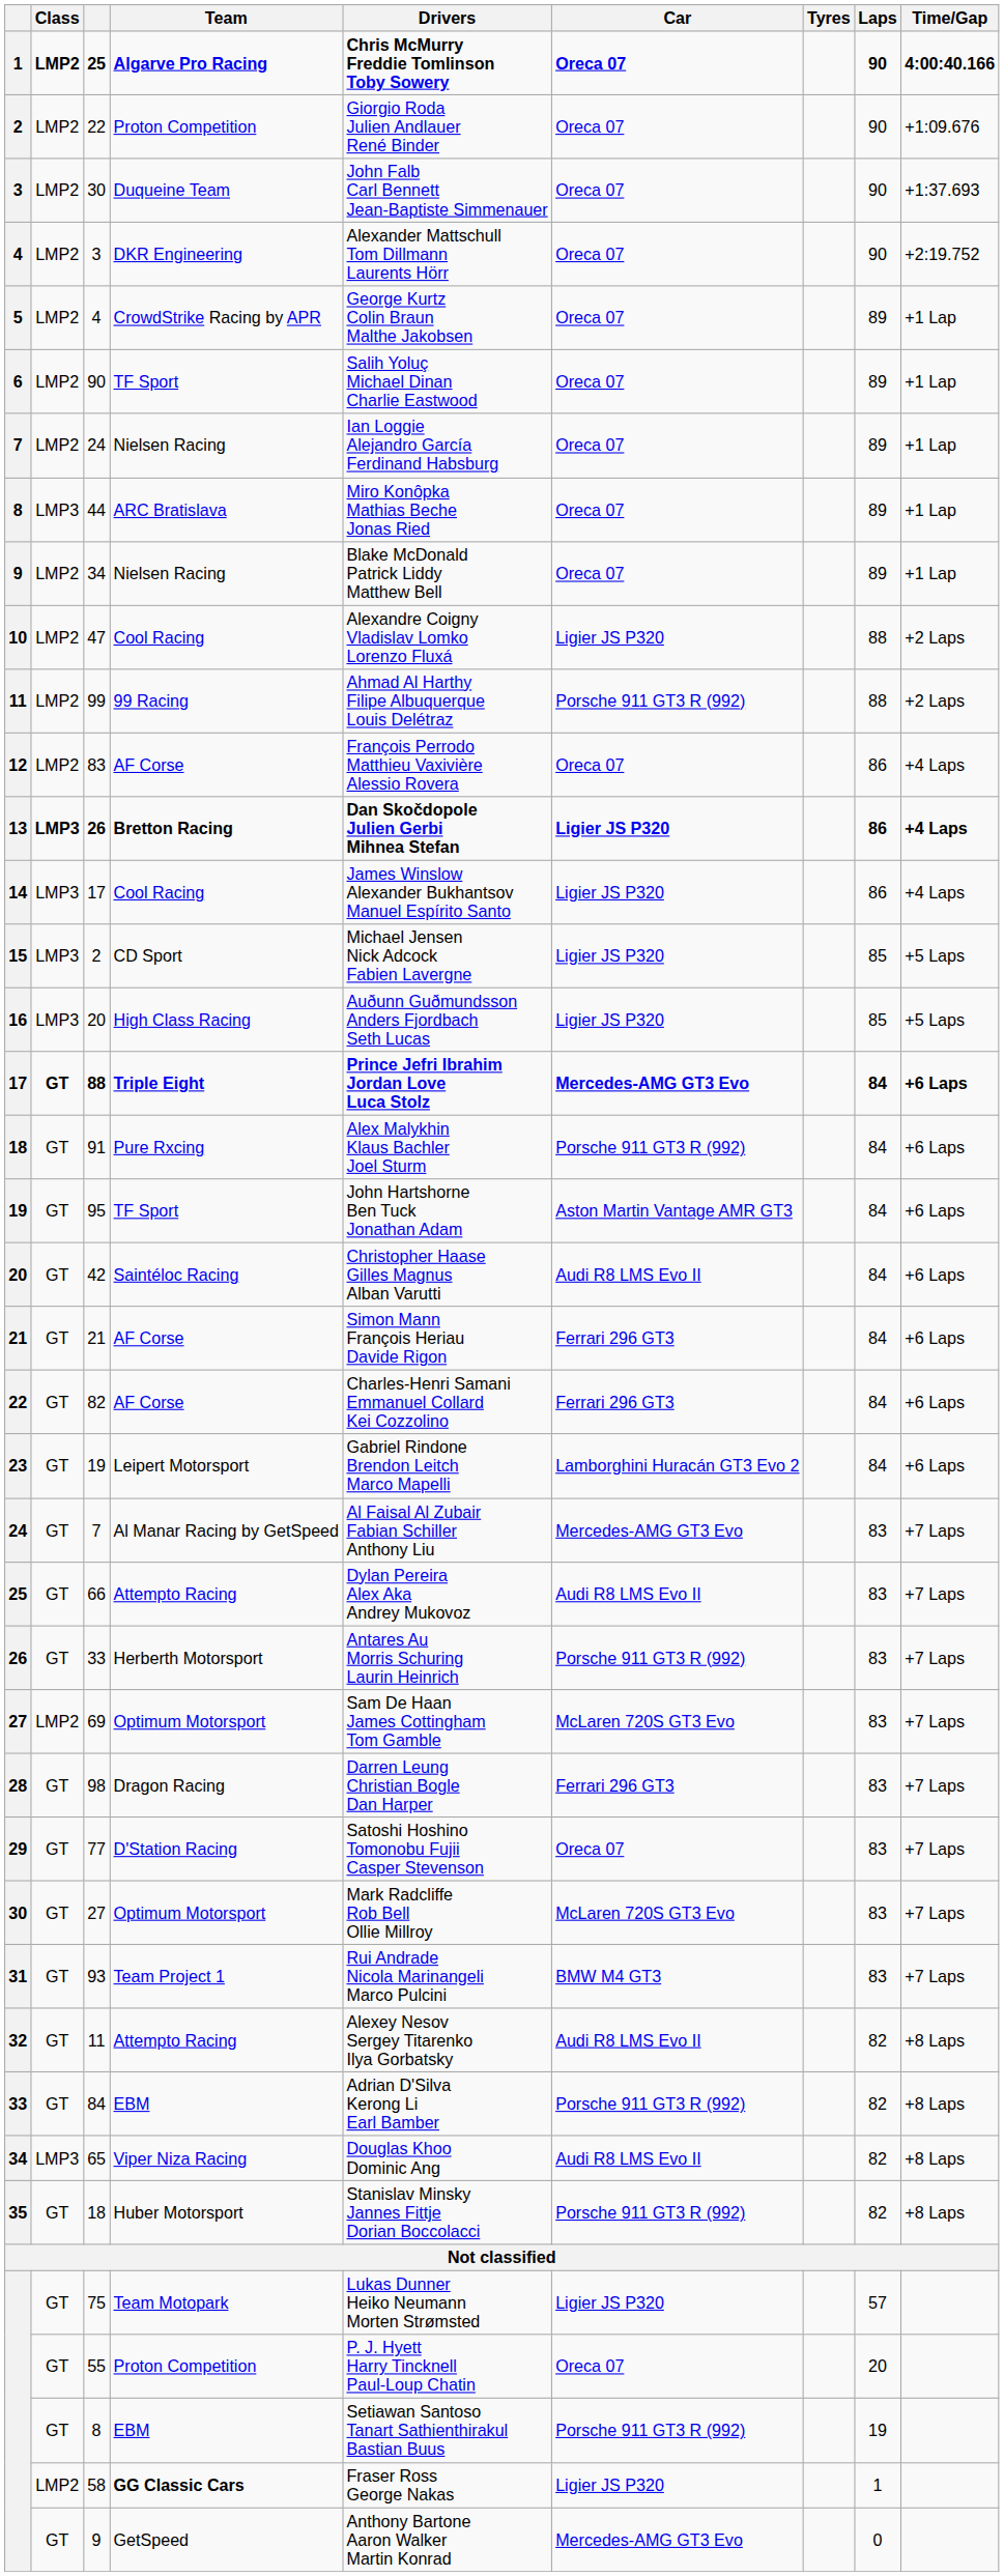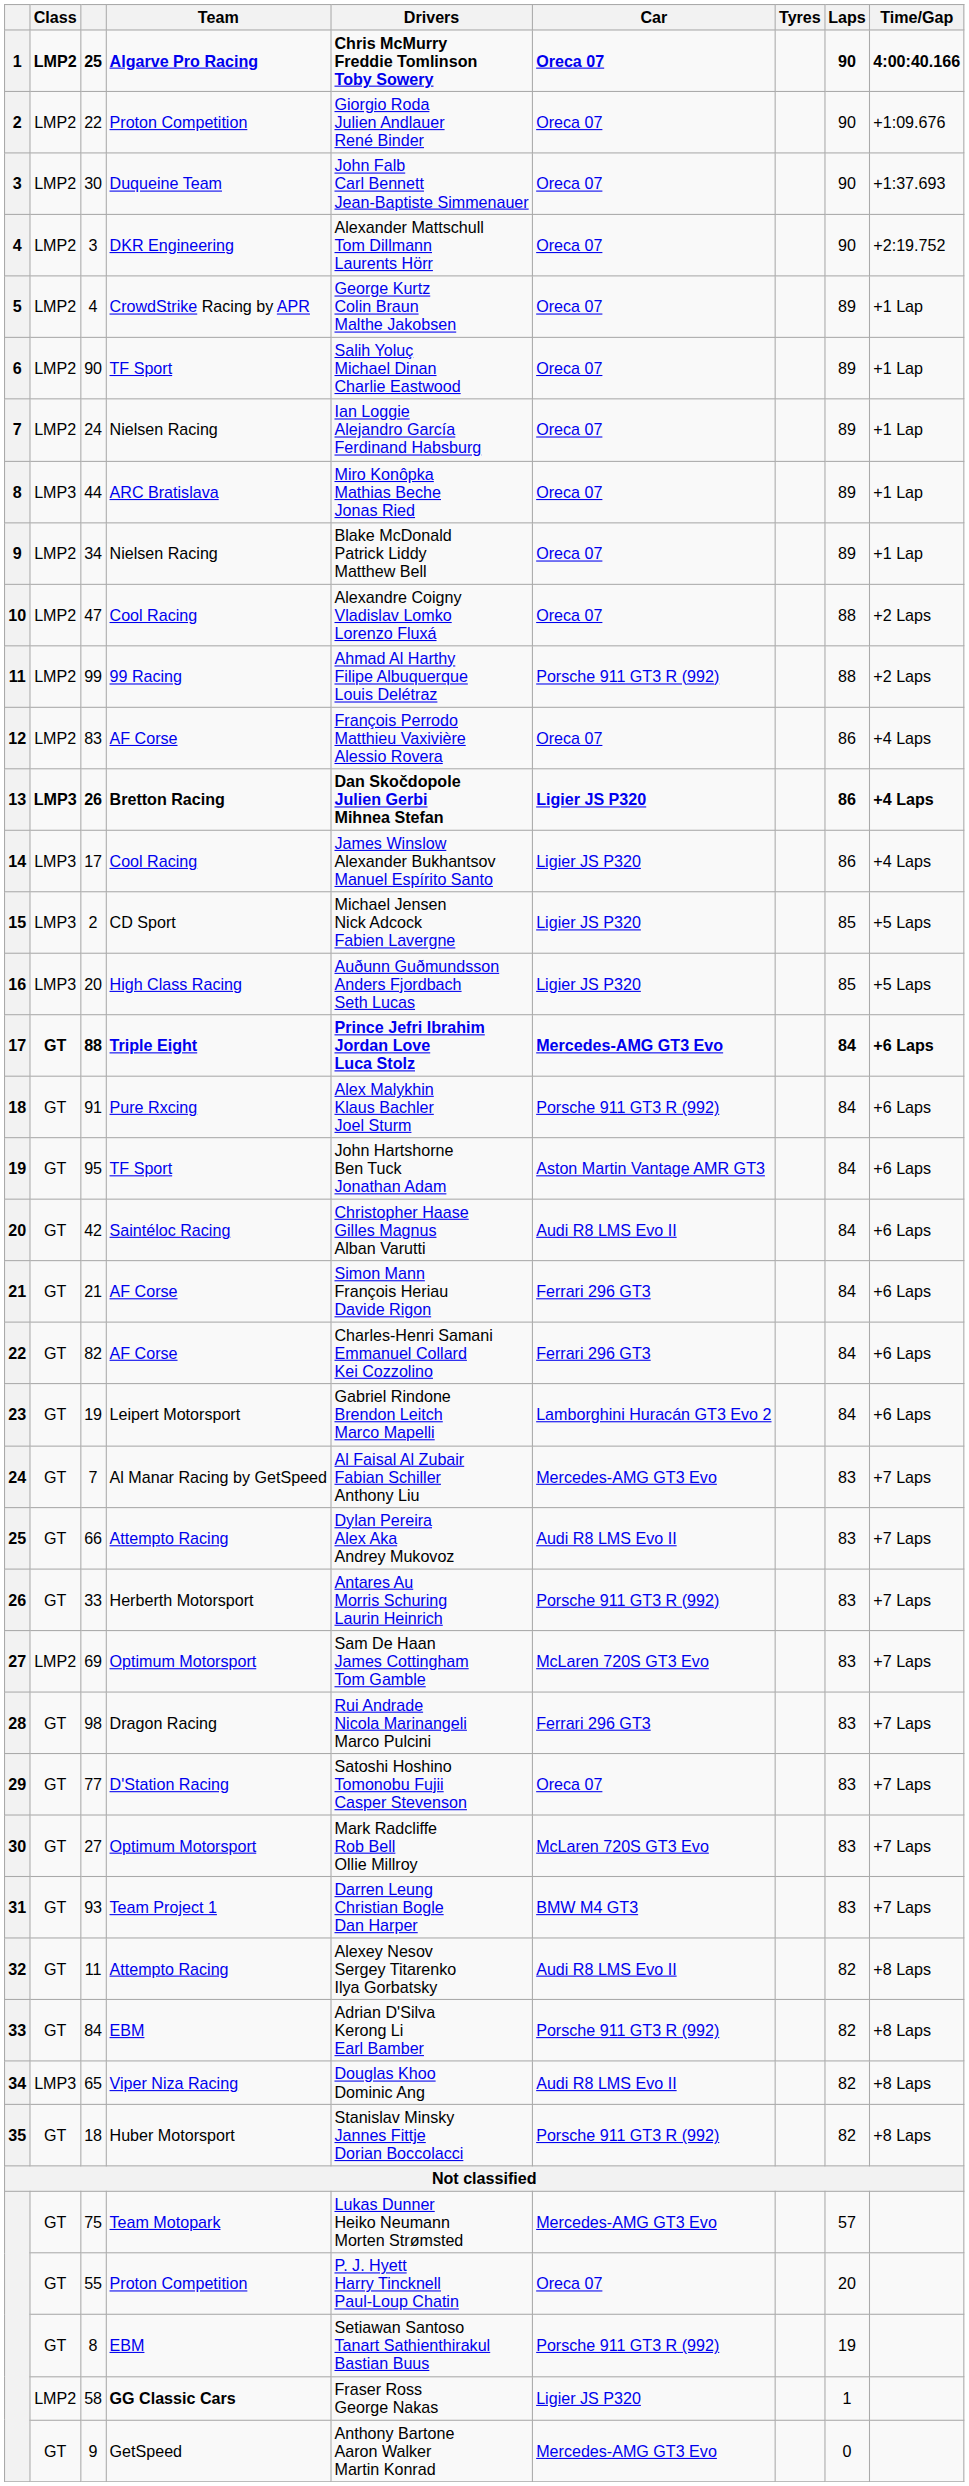 <table class="wikitable" style="font-size:95%;">
 <tr>
 <th></th>
 <th>Class</th>
 <th></th>
 <th>Team</th>
 <th>Drivers</th>
 <th>Car</th>
 <th>Tyres</th>
 <th>Laps</th>
 <th>Time/Gap</th>
 </tr>
 <tr style="font-weight: bold;">
 <th>1</th>
 <td align="center">LMP2</td>
 <td align="center">25</td>
 <td> <a href='#'>Algarve Pro Racing</a></td>
 <td> Chris McMurry<br> Freddie Tomlinson<br> <a href='#'>Toby Sowery</a></td>
 <td><a href='#'>Oreca 07</a></td>
 <td align="center"></td>
 <td align="center">90</td>
 <td align="center">4:00:40.166</td>
 </tr>
 <tr>
 <th>2</th>
 <td align="center">LMP2</td>
 <td align="center">22</td>
 <td> <a href='#'>Proton Competition</a></td>
 <td> <a href='#'>Giorgio Roda</a><br> <a href='#'>Julien Andlauer</a><br> <a href='#'>René Binder</a></td>
 <td><a href='#'>Oreca 07</a></td>
 <td align="center"></td>
 <td align="center">90</td>
 <td>+1:09.676</td>
 </tr>
 <tr>
 <th>3</th>
 <td align="center">LMP2</td>
 <td align="center">30</td>
 <td> <a href='#'>Duqueine Team</a></td>
 <td> <a href='#'>John Falb</a><br> <a href='#'>Carl Bennett</a><br> <a href='#'>Jean-Baptiste Simmenauer</a></td>
 <td><a href='#'>Oreca 07</a></td>
 <td align="center"></td>
 <td align="center">90</td>
 <td>+1:37.693</td>
 </tr>
 <tr>
 <th>4</th>
 <td align="center">LMP2</td>
 <td align="center">3</td>
 <td> <a href='#'>DKR Engineering</a></td>
 <td> Alexander Mattschull<br> <a href='#'>Tom Dillmann</a><br> <a href='#'>Laurents Hörr</a></td>
 <td><a href='#'>Oreca 07</a></td>
 <td align="center"></td>
 <td align="center">90</td>
 <td>+2:19.752</td>
 </tr>
 <tr>
 <th>5</th>
 <td align="center">LMP2</td>
 <td align="center">4</td>
 <td> <a href='#'>CrowdStrike</a> Racing by <a href='#'>APR</a></td>
 <td> <a href='#'>George Kurtz</a><br> <a href='#'>Colin Braun</a><br> <a href='#'>Malthe Jakobsen</a></td>
 <td><a href='#'>Oreca 07</a></td>
 <td align="center"></td>
 <td align="center">89</td>
 <td>+1 Lap</td>
 </tr>
 <tr>
 <th>6</th>
 <td align="center">LMP2</td>
 <td align="center">90</td>
 <td> <a href='#'>TF Sport</a></td>
 <td> <a href='#'>Salih Yoluç</a><br> <a href='#'>Michael Dinan</a><br> <a href='#'>Charlie Eastwood</a></td>
 <td><a href='#'>Oreca 07</a></td>
 <td align="center"></td>
 <td align="center">89</td>
 <td>+1 Lap</td>
 </tr>
 <tr>
 <th>7</th>
 <td align="center">LMP2</td>
 <td align="center">24</td>
 <td> Nielsen Racing</td>
 <td> <a href='#'>Ian Loggie</a><br> <a href='#'>Alejandro García</a><br> <a href='#'>Ferdinand Habsburg</a></td>
 <td><a href='#'>Oreca 07</a></td>
 <td align="center"></td>
 <td align="center">89</td>
 <td>+1 Lap</td>
 </tr>
 <tr>
 <th>8</th>
 <td align="center">LMP3</td>
 <td align="center">44</td>
 <td> <a href='#'>ARC Bratislava</a></td>
 <td> <a href='#'>Miro Konôpka</a><br> <a href='#'>Mathias Beche</a><br> <a href='#'>Jonas Ried</a></td>
 <td><a href='#'>Oreca 07</a></td>
 <td align="center"></td>
 <td align="center">89</td>
 <td>+1 Lap</td>
 </tr>
 <tr>
 <th>9</th>
 <td align="center">LMP2</td>
 <td align="center">34</td>
 <td> Nielsen Racing</td>
 <td> Blake McDonald<br> Patrick Liddy<br> Matthew Bell</td>
 <td><a href='#'>Oreca 07</a></td>
 <td align="center"></td>
 <td align="center">89</td>
 <td>+1 Lap</td>
 </tr>
 <tr>
 <th>10</th>
 <td align="center">LMP2</td>
 <td align="center">47</td>
 <td> <a href='#'>Cool Racing</a></td>
 <td> Alexandre Coigny<br> <a href='#'>Vladislav Lomko</a><br> <a href='#'>Lorenzo Fluxá</a></td>
-<td><a href='#'>Ligier JS P320</a></td>
+<td><a href='#'>Oreca 07</a></td>
 <td align="center"></td>
 <td align="center">88</td>
 <td>+2 Laps</td>
 </tr>
 <tr>
 <th>11</th>
 <td align="center">LMP2</td>
 <td align="center">99</td>
 <td> <a href='#'>99 Racing</a></td>
 <td> <a href='#'>Ahmad Al Harthy</a><br> <a href='#'>Filipe Albuquerque</a><br> <a href='#'>Louis Delétraz</a></td>
 <td><a href='#'>Porsche 911 GT3 R (992)</a></td>
 <td align="center"></td>
 <td align="center">88</td>
 <td>+2 Laps</td>
 </tr>
 <tr>
 <th>12</th>
 <td align="center">LMP2</td>
 <td align="center">83</td>
 <td> <a href='#'>AF Corse</a></td>
 <td> <a href='#'>François Perrodo</a><br> <a href='#'>Matthieu Vaxivière</a><br> <a href='#'>Alessio Rovera</a></td>
 <td><a href='#'>Oreca 07</a></td>
 <td align="center"></td>
 <td align="center">86</td>
 <td>+4 Laps</td>
 </tr>
 <tr style="font-weight: bold;">
 <th>13</th>
 <td align="center">LMP3</td>
 <td align="center">26</td>
 <td> Bretton Racing</td>
 <td> Dan Skočdopole<br> <a href='#'>Julien Gerbi</a><br> Mihnea Stefan</td>
 <td><a href='#'>Ligier JS P320</a></td>
 <td align="center"></td>
 <td align="center">86</td>
 <td>+4 Laps</td>
 </tr>
 <tr>
 <th>14</th>
 <td align="center">LMP3</td>
 <td align="center">17</td>
 <td> <a href='#'>Cool Racing</a></td>
 <td> <a href='#'>James Winslow</a><br> Alexander Bukhantsov<br> <a href='#'>Manuel Espírito Santo</a></td>
 <td><a href='#'>Ligier JS P320</a></td>
 <td align="center"></td>
 <td align="center">86</td>
 <td>+4 Laps</td>
 </tr>
 <tr>
 <th>15</th>
 <td align="center">LMP3</td>
 <td align="center">2</td>
 <td> CD Sport</td>
 <td> Michael Jensen<br> Nick Adcock<br> <a href='#'>Fabien Lavergne</a></td>
 <td><a href='#'>Ligier JS P320</a></td>
 <td align="center"></td>
 <td align="center">85</td>
 <td>+5 Laps</td>
 </tr>
 <tr>
 <th>16</th>
 <td align="center">LMP3</td>
 <td align="center">20</td>
 <td> <a href='#'>High Class Racing</a></td>
 <td> <a href='#'>Auðunn Guðmundsson</a><br> <a href='#'>Anders Fjordbach</a><br> <a href='#'>Seth Lucas</a></td>
 <td><a href='#'>Ligier JS P320</a></td>
 <td align="center"></td>
 <td align="center">85</td>
 <td>+5 Laps</td>
 </tr>
 <tr style="font-weight: bold;">
 <th>17</th>
 <td align="center">GT</td>
 <td align="center">88</td>
 <td> <a href='#'>Triple Eight</a></td>
 <td> <a href='#'>Prince Jefri Ibrahim</a><br> <a href='#'>Jordan Love</a><br> <a href='#'>Luca Stolz</a></td>
 <td><a href='#'>Mercedes-AMG GT3 Evo</a></td>
 <td align="center"></td>
 <td align="center">84</td>
 <td>+6 Laps</td>
 </tr>
 <tr>
 <th>18</th>
 <td align="center">GT</td>
 <td align="center">91</td>
 <td> <a href='#'>Pure Rxcing</a></td>
 <td> <a href='#'>Alex Malykhin</a><br> <a href='#'>Klaus Bachler</a><br> <a href='#'>Joel Sturm</a></td>
 <td><a href='#'>Porsche 911 GT3 R (992)</a></td>
 <td align="center"></td>
 <td align="center">84</td>
 <td>+6 Laps</td>
 </tr>
 <tr>
 <th>19</th>
 <td align="center">GT</td>
 <td align="center">95</td>
 <td> <a href='#'>TF Sport</a></td>
 <td> John Hartshorne<br> Ben Tuck<br> <a href='#'>Jonathan Adam</a></td>
 <td><a href='#'>Aston Martin Vantage AMR GT3</a></td>
 <td align="center"></td>
 <td align="center">84</td>
 <td>+6 Laps</td>
 </tr>
 <tr>
 <th>20</th>
 <td align="center">GT</td>
 <td align="center">42</td>
 <td> <a href='#'>Saintéloc Racing</a></td>
 <td> <a href='#'>Christopher Haase</a><br> <a href='#'>Gilles Magnus</a><br> Alban Varutti</td>
 <td><a href='#'>Audi R8 LMS Evo II</a></td>
 <td align="center"></td>
 <td align="center">84</td>
 <td>+6 Laps</td>
 </tr>
 <tr>
 <th>21</th>
 <td align="center">GT</td>
 <td align="center">21</td>
 <td> <a href='#'>AF Corse</a></td>
 <td> <a href='#'>Simon Mann</a><br> François Heriau<br> <a href='#'>Davide Rigon</a></td>
 <td><a href='#'>Ferrari 296 GT3</a></td>
 <td align="center"></td>
 <td align="center">84</td>
 <td>+6 Laps</td>
 </tr>
 <tr>
 <th>22</th>
 <td align="center">GT</td>
 <td align="center">82</td>
 <td> <a href='#'>AF Corse</a></td>
 <td> Charles-Henri Samani<br> <a href='#'>Emmanuel Collard</a><br> <a href='#'>Kei Cozzolino</a></td>
 <td><a href='#'>Ferrari 296 GT3</a></td>
 <td align="center"></td>
 <td align="center">84</td>
 <td>+6 Laps</td>
 </tr>
 <tr>
 <th>23</th>
 <td align="center">GT</td>
 <td align="center">19</td>
 <td> Leipert Motorsport</td>
 <td> Gabriel Rindone<br> <a href='#'>Brendon Leitch</a><br> <a href='#'>Marco Mapelli</a></td>
 <td><a href='#'>Lamborghini Huracán GT3 Evo 2</a></td>
 <td align="center"></td>
 <td align="center">84</td>
 <td>+6 Laps</td>
 </tr>
 <tr>
 <th>24</th>
 <td align="center">GT</td>
 <td align="center">7</td>
 <td> Al Manar Racing by GetSpeed</td>
 <td> <a href='#'>Al Faisal Al Zubair</a><br> <a href='#'>Fabian Schiller</a><br> Anthony Liu</td>
 <td><a href='#'>Mercedes-AMG GT3 Evo</a></td>
 <td align="center"></td>
 <td align="center">83</td>
 <td>+7 Laps</td>
 </tr>
 <tr>
 <th>25</th>
 <td align="center">GT</td>
 <td align="center">66</td>
 <td> <a href='#'>Attempto Racing</a></td>
 <td> <a href='#'>Dylan Pereira</a><br> <a href='#'>Alex Aka</a><br> Andrey Mukovoz</td>
 <td><a href='#'>Audi R8 LMS Evo II</a></td>
 <td align="center"></td>
 <td align="center">83</td>
 <td>+7 Laps</td>
 </tr>
 <tr>
 <th>26</th>
 <td align="center">GT</td>
 <td align="center">33</td>
 <td> Herberth Motorsport</td>
 <td> <a href='#'>Antares Au</a><br> <a href='#'>Morris Schuring</a><br> <a href='#'>Laurin Heinrich</a></td>
 <td><a href='#'>Porsche 911 GT3 R (992)</a></td>
 <td align="center"></td>
 <td align="center">83</td>
 <td>+7 Laps</td>
 </tr>
 <tr>
 <th>27</th>
 <td align="center">LMP2</td>
 <td align="center">69</td>
 <td> <a href='#'>Optimum Motorsport</a></td>
 <td> Sam De Haan<br> <a href='#'>James Cottingham</a><br> <a href='#'>Tom Gamble</a></td>
 <td><a href='#'>McLaren 720S GT3 Evo</a></td>
 <td align="center"></td>
 <td align="center">83</td>
 <td>+7 Laps</td>
 </tr>
 <tr>
 <th>28</th>
 <td align="center">GT</td>
 <td align="center">98</td>
 <td> Dragon Racing</td>
-<td> <a href='#'>Darren Leung</a><br> <a href='#'>Christian Bogle</a><br> <a href='#'>Dan Harper</a></td>
+<td> <a href='#'>Rui Andrade</a><br> <a href='#'>Nicola Marinangeli</a><br> Marco Pulcini</td>
 <td><a href='#'>Ferrari 296 GT3</a></td>
 <td align="center"></td>
 <td align="center">83</td>
 <td>+7 Laps</td>
 </tr>
 <tr>
 <th>29</th>
 <td align="center">GT</td>
 <td align="center">77</td>
 <td> <a href='#'>D'Station Racing</a></td>
 <td> Satoshi Hoshino<br> <a href='#'>Tomonobu Fujii</a><br> <a href='#'>Casper Stevenson</a></td>
 <td><a href='#'>Oreca 07</a></td>
 <td align="center"></td>
 <td align="center">83</td>
 <td>+7 Laps</td>
 </tr>
 <tr>
 <th>30</th>
 <td align="center">GT</td>
 <td align="center">27</td>
 <td> <a href='#'>Optimum Motorsport</a></td>
 <td> Mark Radcliffe<br> <a href='#'>Rob Bell</a><br> Ollie Millroy</td>
 <td><a href='#'>McLaren 720S GT3 Evo</a></td>
 <td align="center"></td>
 <td align="center">83</td>
 <td>+7 Laps</td>
 </tr>
 <tr>
 <th>31</th>
 <td align="center">GT</td>
 <td align="center">93</td>
 <td> <a href='#'>Team Project 1</a></td>
-<td> <a href='#'>Rui Andrade</a><br> <a href='#'>Nicola Marinangeli</a><br> Marco Pulcini</td>
+<td> <a href='#'>Darren Leung</a><br> <a href='#'>Christian Bogle</a><br> <a href='#'>Dan Harper</a></td>
 <td><a href='#'>BMW M4 GT3</a></td>
 <td align="center"></td>
 <td align="center">83</td>
 <td>+7 Laps</td>
 </tr>
 <tr>
 <th>32</th>
 <td align="center">GT</td>
 <td align="center">11</td>
 <td> <a href='#'>Attempto Racing</a></td>
 <td> Alexey Nesov<br> Sergey Titarenko<br> Ilya Gorbatsky</td>
 <td><a href='#'>Audi R8 LMS Evo II</a></td>
 <td align="center"></td>
 <td align="center">82</td>
 <td>+8 Laps</td>
 </tr>
 <tr>
 <th>33</th>
 <td align="center">GT</td>
 <td align="center">84</td>
 <td> <a href='#'>EBM</a></td>
 <td> Adrian D'Silva<br> Kerong Li<br> <a href='#'>Earl Bamber</a></td>
 <td><a href='#'>Porsche 911 GT3 R (992)</a></td>
 <td align="center"></td>
 <td align="center">82</td>
 <td>+8 Laps</td>
 </tr>
 <tr>
 <th>34</th>
 <td align="center">LMP3</td>
 <td align="center">65</td>
 <td> <a href='#'>Viper Niza Racing</a></td>
 <td> <a href='#'>Douglas Khoo</a><br> Dominic Ang</td>
 <td><a href='#'>Audi R8 LMS Evo II</a></td>
 <td align="center"></td>
 <td align="center">82</td>
 <td>+8 Laps</td>
 </tr>
 <tr>
 <th>35</th>
 <td align="center">GT</td>
 <td align="center">18</td>
 <td> Huber Motorsport</td>
 <td> Stanislav Minsky<br> <a href='#'>Jannes Fittje</a><br> <a href='#'>Dorian Boccolacci</a></td>
 <td><a href='#'>Porsche 911 GT3 R (992)</a></td>
 <td align="center"></td>
 <td align="center">82</td>
 <td>+8 Laps</td>
 </tr>
 <tr>
 <th colspan="9">Not classified</th>
 </tr>
 <tr>
 <th rowspan="5"></th>
 <td align="center">GT</td>
 <td align="center">75</td>
 <td> <a href='#'>Team Motopark</a></td>
 <td> <a href='#'>Lukas Dunner</a><br> Heiko Neumann<br> Morten Strømsted</td>
-<td><a href='#'>Ligier JS P320</a></td>
+<td><a href='#'>Mercedes-AMG GT3 Evo</a></td>
 <td align="center"></td>
 <td align="center">57</td>
 <td></td>
 </tr>
 <tr>
 <td align="center">GT</td>
 <td align="center">55</td>
 <td> <a href='#'>Proton Competition</a></td>
 <td> <a href='#'>P. J. Hyett</a><br> <a href='#'>Harry Tincknell</a><br> <a href='#'>Paul-Loup Chatin</a></td>
 <td><a href='#'>Oreca 07</a></td>
 <td align="center"></td>
 <td align="center">20</td>
 <td></td>
 </tr>
 <tr>
 <td align="center">GT</td>
 <td align="center">8</td>
 <td> <a href='#'>EBM</a></td>
 <td> Setiawan Santoso<br> <a href='#'>Tanart Sathienthirakul</a><br> <a href='#'>Bastian Buus</a></td>
 <td><a href='#'>Porsche 911 GT3 R (992)</a></td>
 <td align="center"></td>
 <td align="center">19</td>
 <td></td>
 </tr>
 <tr>
 <td align="center">LMP2</td>
 <td align="center">58</td>
 <td><strong> GG Classic Cars</strong></td>
 <td> Fraser Ross<br> George Nakas</td>
 <td><a href='#'>Ligier JS P320</a></td>
 <td align="center"></td>
 <td align="center">1</td>
 <td></td>
 </tr>
 <tr>
 <td align="center">GT</td>
 <td align="center">9</td>
 <td> GetSpeed</td>
 <td> Anthony Bartone<br> Aaron Walker<br> Martin Konrad</td>
 <td><a href='#'>Mercedes-AMG GT3 Evo</a></td>
 <td align="center"></td>
 <td align="center">0</td>
 <td></td>
 </tr>
 </table>
